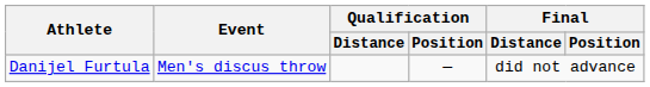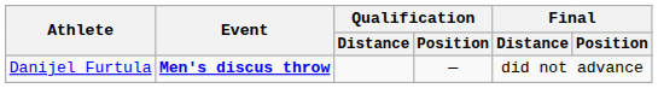 <table class=wikitable style="font-size:90%">
 <tr>
 <th rowspan="2">Athlete</th>
 <th rowspan="2">Event</th>
 <th colspan="2">Qualification</th>
 <th colspan="2">Final</th>
 </tr>
 <tr style="font-size:95%">
 <th>Distance</th>
 <th>Position</th>
 <th>Distance</th>
 <th>Position</th>
 </tr>
 <tr align=center>
 <td align=left><a href='#'>Danijel Furtula</a></td>
-<td align=left><a href='#'>Men's discus throw</a></td>
+<td align=left><strong><a href='#'>Men's discus throw</a></strong></td>
 <td></td>
 <td>—</td>
 <td colspan=2>did not advance</td>
 </tr>
 </table>
